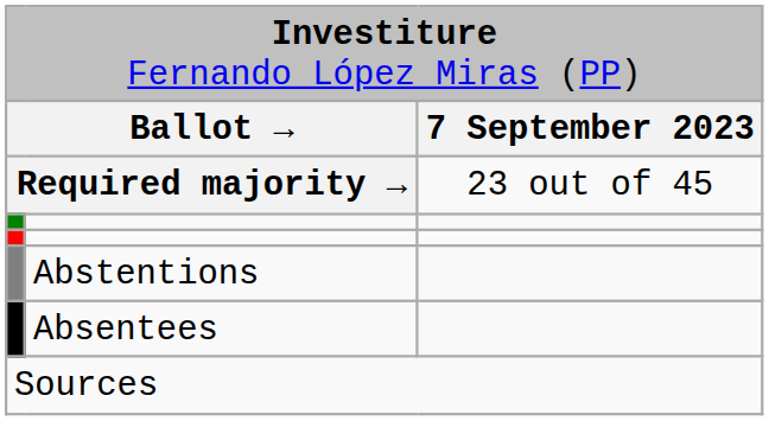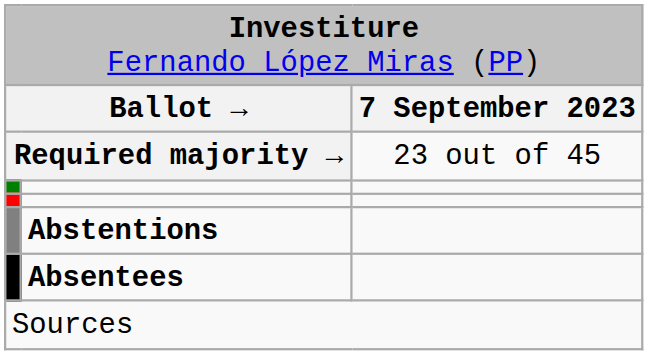 <table class="wikitable" style="text-align:center;">
 <tr>
 <td colspan="3" align="center" bgcolor="#C0C0C0"><strong>Investiture</strong><br><a href='#'>Fernando López Miras</a> (<a href='#'>PP</a>)</td>
 </tr>
 <tr>
 <th colspan="2" width="150px">Ballot →</th>
 <th>7 September 2023</th>
 </tr>
 <tr>
 <th colspan="2">Required majority →</th>
 <td>23 out of 45 </td>
 </tr>
 <tr>
 <th width="1px" style="background:green;"></th>
 <td align="left"></td>
 <td></td>
 </tr>
 <tr>
 <th style="color:inherit;background:red;"></th>
 <td align="left"></td>
 <td></td>
 </tr>
 <tr>
 <th style="color:inherit;background:gray;"></th>
-<td align="left"><span>Abstentions</span></td>
+<td align="left"><strong><span>Abstentions</span></strong></td>
 <td></td>
 </tr>
 <tr>
 <th style="color:inherit;background:black;"></th>
-<td align="left"><span>Absentees</span></td>
+<td align="left"><strong><span>Absentees</span></strong></td>
 <td></td>
 </tr>
 <tr>
 <td align="left" colspan="6">Sources</td>
 </tr>
 </table>
